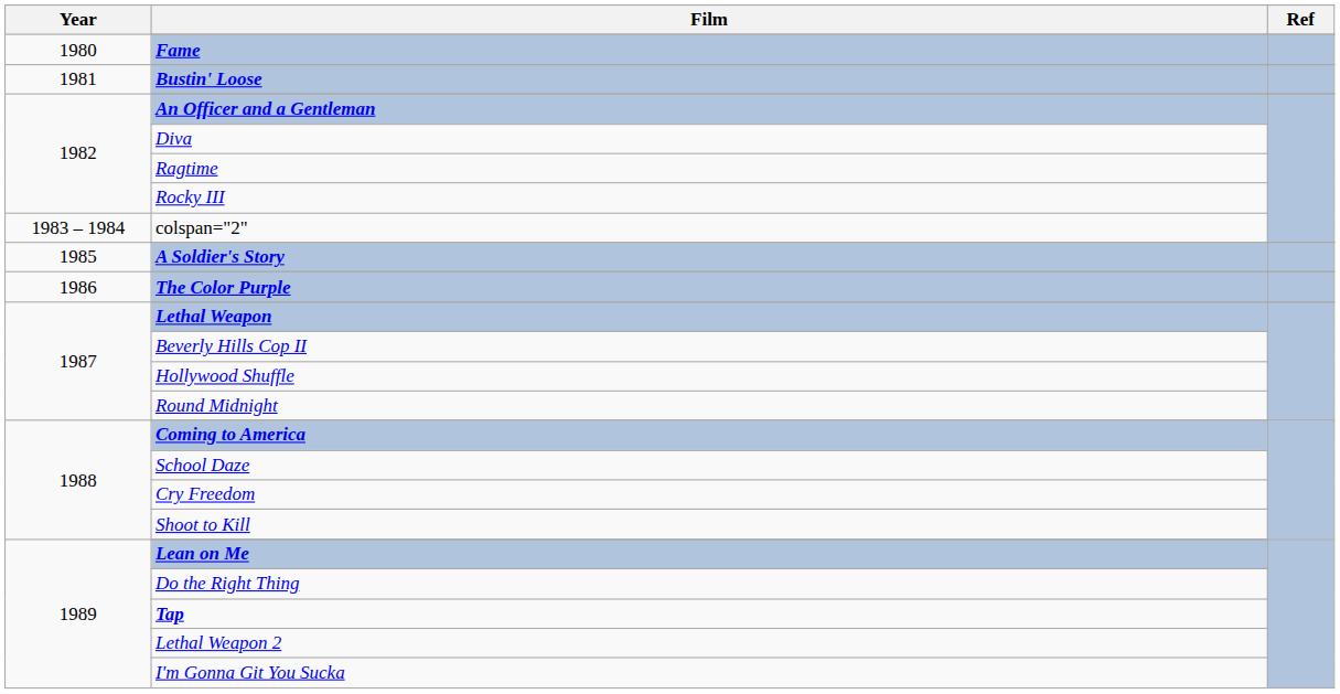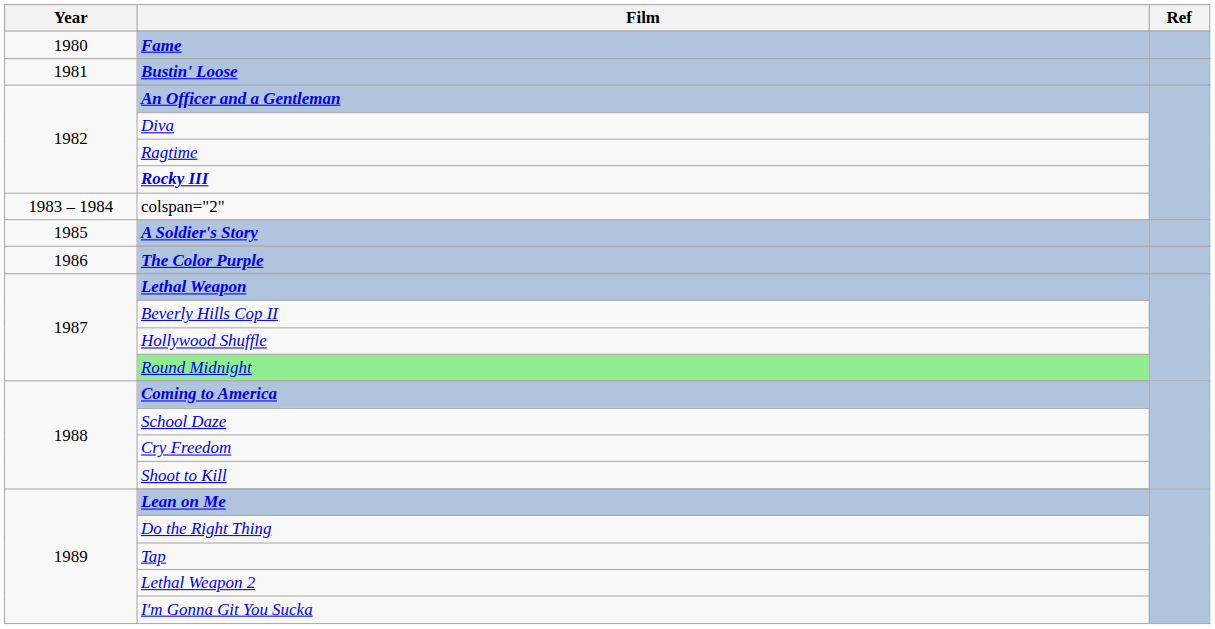 <table class="wikitable" style="width:90%;">
 <tr style="background:#bebebe;">
 <th style="width:11%;">Year</th>
 <th style="width:84%;">Film</th>
 <th style="width:5%;">Ref</th>
 </tr>
 <tr>
 <td rowspan="2" align="center">1980</td>
 </tr>
 <tr style="background:#B0C4DE">
 <td><strong><em><a href='#'>Fame</a></em></strong></td>
 <td align="center"></td>
 </tr>
 <tr>
 <td rowspan="2" align="center">1981</td>
 </tr>
 <tr style="background:#B0C4DE">
 <td><strong><em><a href='#'>Bustin' Loose</a></em></strong></td>
 <td align="center"></td>
 </tr>
 <tr>
 <td rowspan="5" align="center">1982</td>
 </tr>
 <tr style="background:#B0C4DE">
 <td><strong><em><a href='#'>An Officer and a Gentleman</a></em></strong></td>
 <td rowspan="5" align="center"></td>
 </tr>
 <tr>
 <td><em><a href='#'>Diva</a></em></td>
 </tr>
 <tr>
 <td><em><a href='#'>Ragtime</a></em></td>
 </tr>
 <tr>
-<td><em><a href='#'>Rocky III</a></em></td>
+<td><strong><em><a href='#'>Rocky III</a></em></strong></td>
 </tr>
 <tr>
 <td align="center">1983 – 1984</td>
 <td>colspan="2" </td>
 </tr>
 <tr>
 <td rowspan="2" align="center">1985</td>
 </tr>
 <tr style="background:#B0C4DE">
 <td><strong><em><a href='#'>A Soldier's Story</a></em></strong></td>
 <td align="center"></td>
 </tr>
 <tr>
 <td rowspan="2" align="center">1986</td>
 </tr>
 <tr style="background:#B0C4DE">
 <td><strong><em><a href='#'>The Color Purple</a></em></strong></td>
 <td align="center"></td>
 </tr>
 <tr>
 <td rowspan="5" align="center">1987</td>
 </tr>
 <tr style="background:#B0C4DE">
 <td><strong><em><a href='#'>Lethal Weapon</a></em></strong></td>
 <td rowspan="5" align="center"></td>
 </tr>
 <tr>
 <td><em><a href='#'>Beverly Hills Cop II</a></em></td>
 </tr>
 <tr>
 <td><em><a href='#'>Hollywood Shuffle</a></em></td>
 </tr>
 <tr>
-<td><em><a href='#'>Round Midnight</a></em></td>
+<td style="background: lightgreen;"><em><a href='#'>Round Midnight</a></em></td>
 </tr>
 <tr>
 <td rowspan="5" align="center">1988</td>
 </tr>
 <tr style="background:#B0C4DE">
 <td><strong><em><a href='#'>Coming to America</a></em></strong></td>
 <td rowspan="5" align="center"></td>
 </tr>
 <tr>
 <td><em><a href='#'>School Daze</a></em></td>
 </tr>
 <tr>
 <td><em><a href='#'>Cry Freedom</a></em></td>
 </tr>
 <tr>
 <td><em><a href='#'>Shoot to Kill</a></em></td>
 </tr>
 <tr>
 <td rowspan="6" align="center">1989</td>
 </tr>
 <tr style="background:#B0C4DE">
 <td><strong><em><a href='#'>Lean on Me</a></em></strong></td>
 <td rowspan="5" align="center"></td>
 </tr>
 <tr>
 <td><em><a href='#'>Do the Right Thing</a></em></td>
 </tr>
 <tr>
-<td><strong><em><a href='#'>Tap</a></em></strong></td>
+<td><em><a href='#'>Tap</a></em></td>
 </tr>
 <tr>
 <td><em><a href='#'>Lethal Weapon 2</a></em></td>
 </tr>
 <tr>
 <td><em><a href='#'>I'm Gonna Git You Sucka</a></em></td>
 </tr>
 </table>
